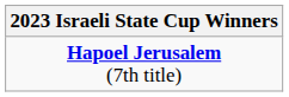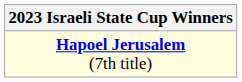 <table class=wikitable style="text-align:center; margin:auto">
 <tr>
 <th>2023 Israeli State Cup Winners</th>
 </tr>
 <tr>
-<td><strong><a href='#'>Hapoel Jerusalem</a></strong><br>(7th title)</td>
+<td style="background: lightyellow;"><strong><a href='#'>Hapoel Jerusalem</a></strong><br>(7th title)</td>
 </tr>
 </table>
